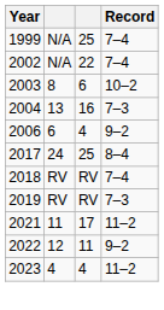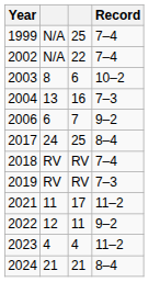 <table class="wikitable">
 <tr>
 <th width=px>Year</th>
 <th width=px></th>
 <th width=px></th>
 <th width=px>Record</th>
 </tr>
 <tr>
 <td>1999</td>
 <td>N/A</td>
 <td>25</td>
 <td>7–4</td>
 </tr>
 <tr>
 <td>2002</td>
 <td>N/A</td>
 <td>22</td>
 <td>7–4</td>
 </tr>
 <tr>
 <td>2003</td>
 <td>8</td>
 <td>6</td>
 <td>10–2</td>
 </tr>
 <tr>
 <td>2004</td>
 <td>13</td>
 <td>16</td>
 <td>7–3</td>
 </tr>
 <tr>
 <td>2006</td>
 <td>6</td>
-<td>4</td>
+<td>7</td>
 <td>9–2</td>
 </tr>
 <tr>
 <td>2017</td>
 <td>24</td>
 <td>25</td>
 <td>8–4</td>
 </tr>
 <tr>
 <td>2018</td>
 <td>RV</td>
 <td>RV</td>
 <td>7–4</td>
 </tr>
 <tr>
 <td>2019</td>
 <td>RV</td>
 <td>RV</td>
 <td>7–3</td>
 </tr>
 <tr>
 <td>2021</td>
 <td>11</td>
 <td>17</td>
 <td>11–2</td>
 </tr>
 <tr>
 <td>2022</td>
 <td>12</td>
 <td>11</td>
 <td>9–2</td>
 </tr>
 <tr>
 <td>2023</td>
 <td>4</td>
 <td>4</td>
 <td>11–2</td>
 </tr>
+<tr>
+<td>2024</td>
+<td>21</td>
+<td>21</td>
+<td>8–4</td>
+</tr>
 </table>
